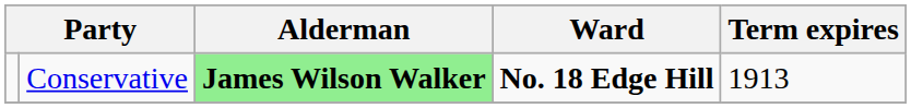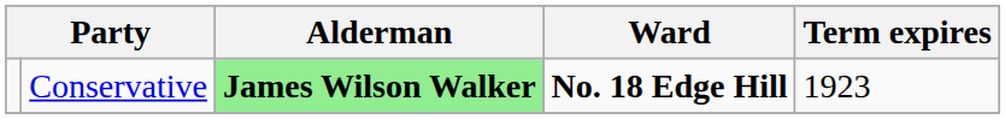 <table class="wikitable">
 <tr>
 <th colspan="2">Party</th>
 <th>Alderman</th>
 <th>Ward</th>
 <th>Term expires</th>
 </tr>
 <tr>
 <td style="background-color:"></td>
 <td><a href='#'>Conservative</a></td>
 <td style="background: lightgreen;"><strong>James Wilson Walker</strong></td>
 <td><strong>No. 18 Edge Hill</strong></td>
-<td>1913</td>
+<td>1923</td>
 </tr>
 <tr>
 </tr>
 </table>
